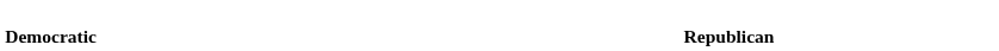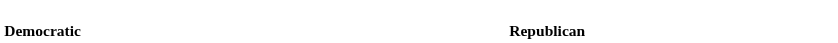 <table style="width:70%; text-align:center">
 <tr style="color:white">
 <td style="background:"><strong>267</strong></td>
+<td style="background:"><strong>162</strong></td>
 <td style="background:"><strong>6</strong></td>
-<td style="background:"><strong>162</strong></td>
 </tr>
 <tr>
 <td><span><strong>Democratic</strong></span></td>
+<td><span><strong>Republican</strong></span></td>
 <td></td>
-<td><span><strong>Republican</strong></span></td>
 </tr>
 </table>
